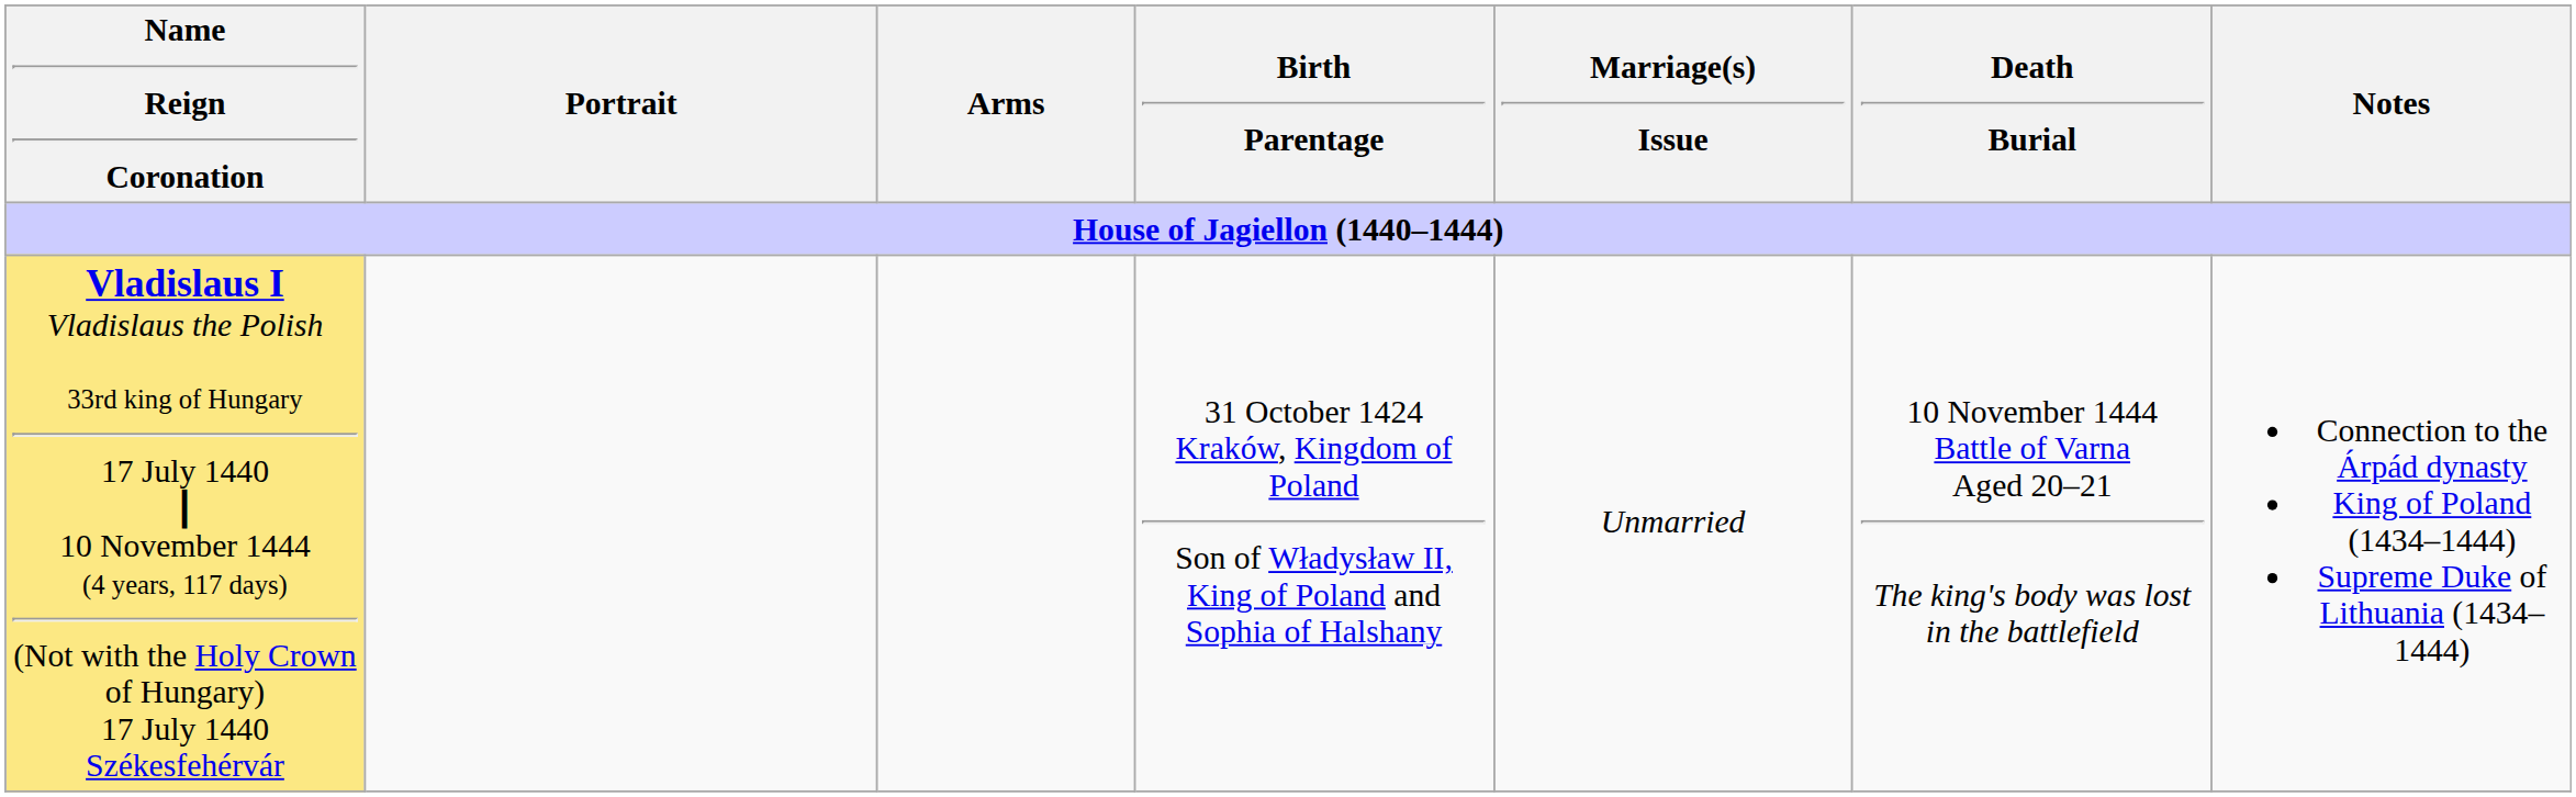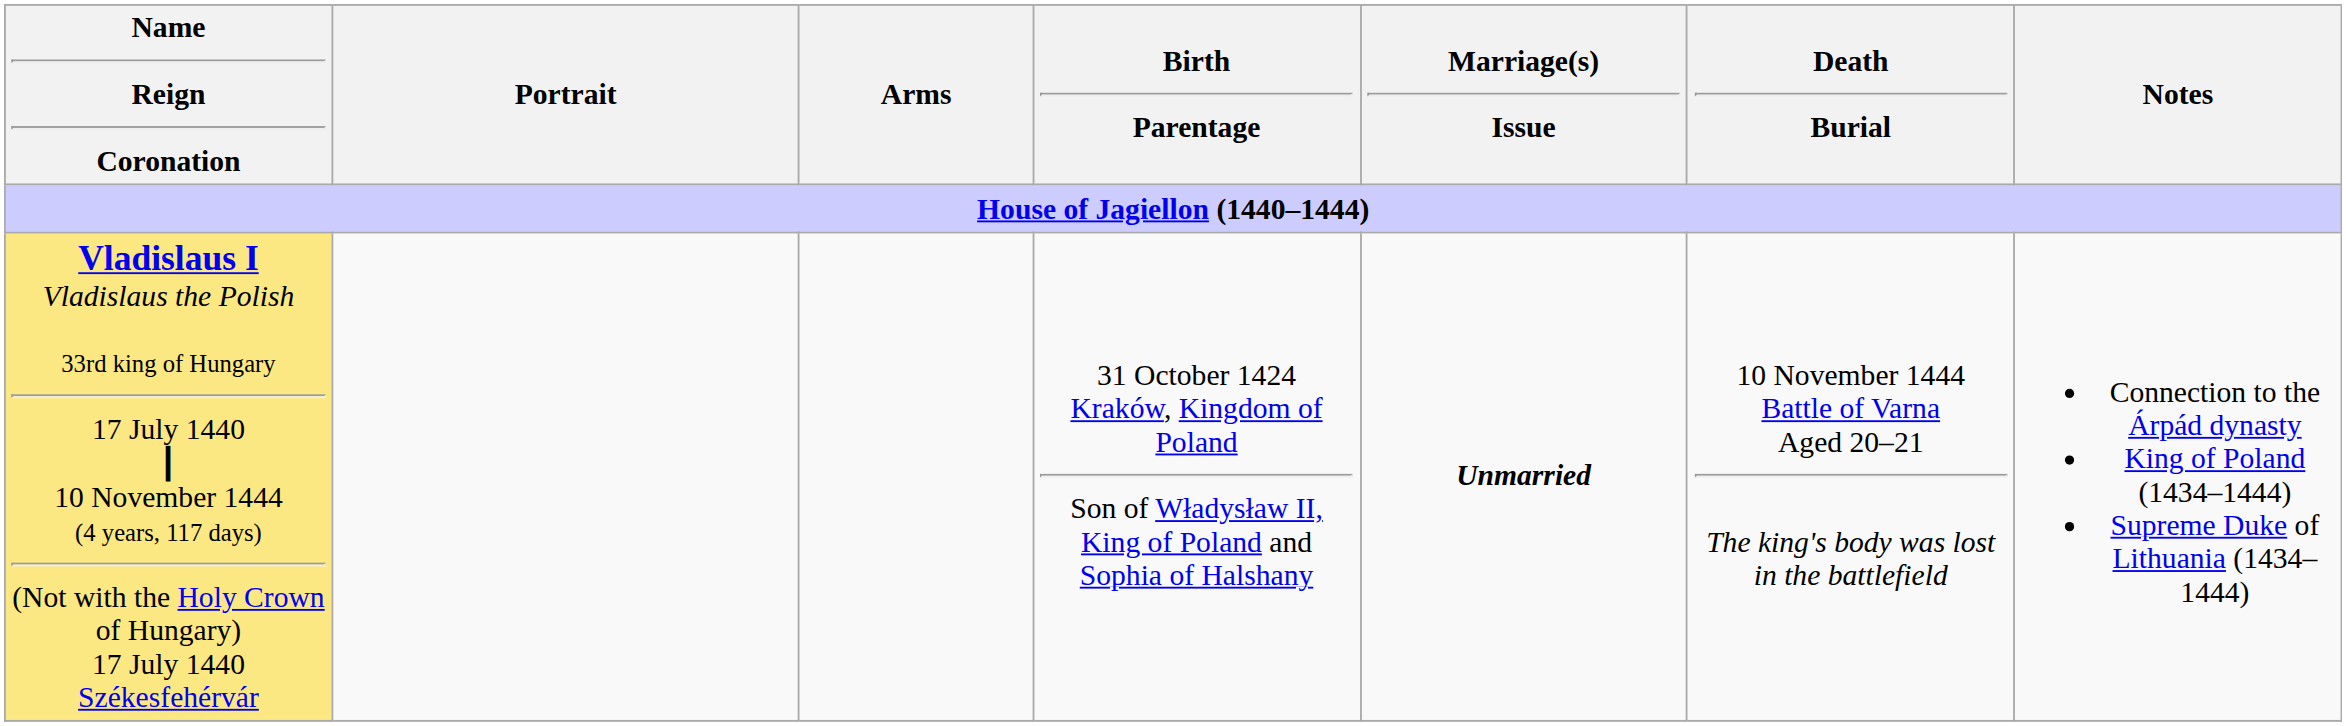 <table style="text-align:Center; width:100%" class="wikitable">
 <tr>
 <th width="14%">Name<hr>Reign<hr>Coronation</th>
 <th width="20%">Portrait</th>
 <th width="10%">Arms</th>
 <th width="14%">Birth<hr>Parentage</th>
 <th width="14%">Marriage(s)<hr>Issue</th>
 <th width="14%">Death<hr>Burial</th>
 <th width="14%">Notes</th>
 </tr>
 <tr>
 <th colspan="7" style="background:#ccccff"><a href='#'>House of Jagiellon</a> (1440–1444)</th>
 </tr>
 <tr>
 <td style="background:#FCE883"><strong><a href='#'><big>Vladislaus I</big></a></strong><br><em>Vladislaus the Polish</em><br><small></small><br><small>33rd king of Hungary</small><hr>17 July 1440<br>┃<br>10 November 1444<br><small>(4 years, 117 days)</small><hr>(Not with the <a href='#'>Holy Crown</a> of Hungary)<br>17 July 1440<br><a href='#'>Székesfehérvár</a></td>
 <td></td>
 <td></td>
 <td>31 October 1424<br><a href='#'>Kraków</a>, <a href='#'>Kingdom of Poland</a><hr>Son of <a href='#'>Władysław II, King of Poland</a> and <a href='#'>Sophia of Halshany</a></td>
-<td><em>Unmarried</em></td>
+<td><strong><em>Unmarried</em></strong></td>
 <td>10 November 1444<br><a href='#'>Battle of Varna</a><br>Aged 20–21<hr><br><em>The king's body was lost in the battlefield</em></td>
 <td><br><ul><li>Connection to the <a href='#'>Árpád dynasty</a></li><li><a href='#'>King of Poland</a> (1434–1444)</li><li><a href='#'>Supreme Duke</a> of <a href='#'>Lithuania</a> (1434–1444)</li></ul></td>
 </tr>
 </table>
